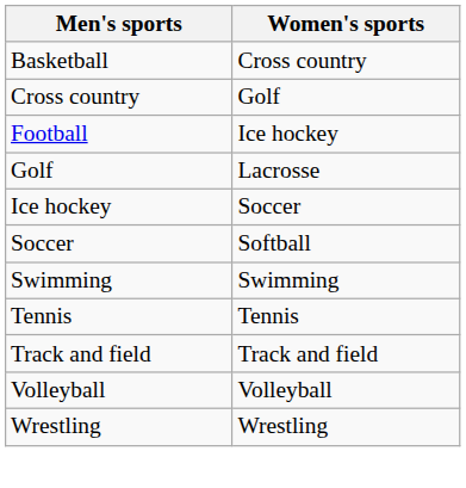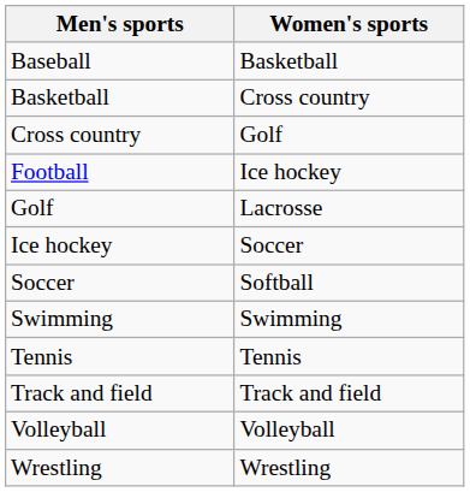 <table class="wikitable"; style= "text-align: ">
 <tr>
 <th width=150px>Men's sports</th>
 <th width=150px>Women's sports</th>
+</tr>
+<tr>
+<td>Baseball</td>
+<td>Basketball</td>
 </tr>
 <tr>
 <td>Basketball</td>
 <td>Cross country</td>
 </tr>
 <tr>
 <td>Cross country</td>
 <td>Golf</td>
 </tr>
 <tr>
 <td><a href='#'>Football</a></td>
 <td>Ice hockey</td>
 </tr>
 <tr>
 <td>Golf</td>
 <td>Lacrosse</td>
 </tr>
 <tr>
 <td>Ice hockey</td>
 <td>Soccer</td>
 </tr>
 <tr>
 <td>Soccer</td>
 <td>Softball</td>
 </tr>
 <tr>
 <td>Swimming</td>
 <td>Swimming</td>
 </tr>
 <tr>
 <td>Tennis</td>
 <td>Tennis</td>
 </tr>
 <tr>
 <td>Track and field</td>
 <td>Track and field</td>
 </tr>
 <tr>
 <td>Volleyball</td>
 <td>Volleyball</td>
 </tr>
 <tr>
 <td>Wrestling</td>
 <td>Wrestling</td>
 </tr>
 </table>
